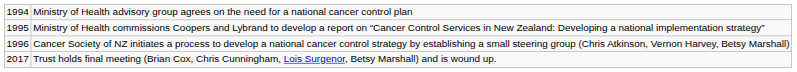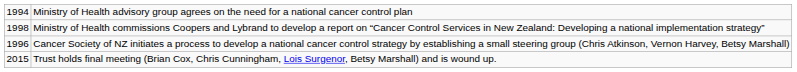 <table class="wikitable">
 <tr>
 <td>1994</td>
 <td>Ministry of Health advisory group agrees on the need for a national cancer control plan</td>
 </tr>
 <tr>
-<td>1995</td>
+<td>1998</td>
 <td>Ministry of Health commissions Coopers and Lybrand to develop a report on “Cancer Control Services in New Zealand: Developing a national implementation strategy”</td>
 </tr>
 <tr>
 <td>1996</td>
 <td>Cancer Society of NZ initiates a process to develop a national cancer control strategy by establishing a small steering group (Chris Atkinson, Vernon Harvey, Betsy Marshall)</td>
 </tr>
 <tr>
-<td>2017</td>
+<td>2015</td>
 <td>Trust holds final meeting (Brian Cox, Chris Cunningham, <a href='#'>Lois Surgenor</a>, Betsy Marshall) and is wound up.</td>
 </tr>
 </table>
